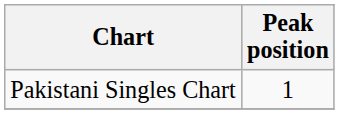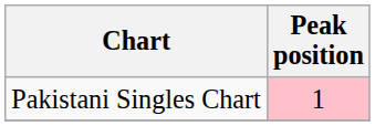 <table class="wikitable sortable">
 <tr>
 <th>Chart</th>
 <th>Peak<br>position</th>
 </tr>
 <tr>
 <td>Pakistani Singles Chart</td>
-<td align="center">1</td>
+<td align="center" style="background: pink;">1</td>
 </tr>
 <tr>
 </tr>
 </table>
